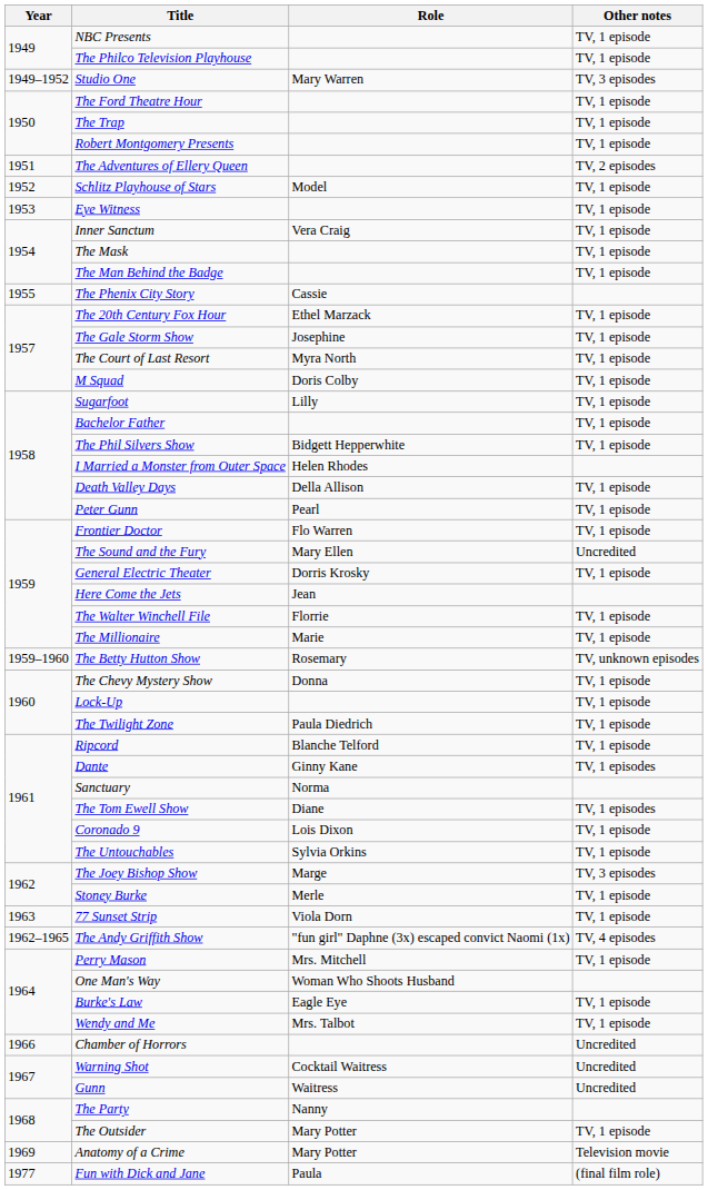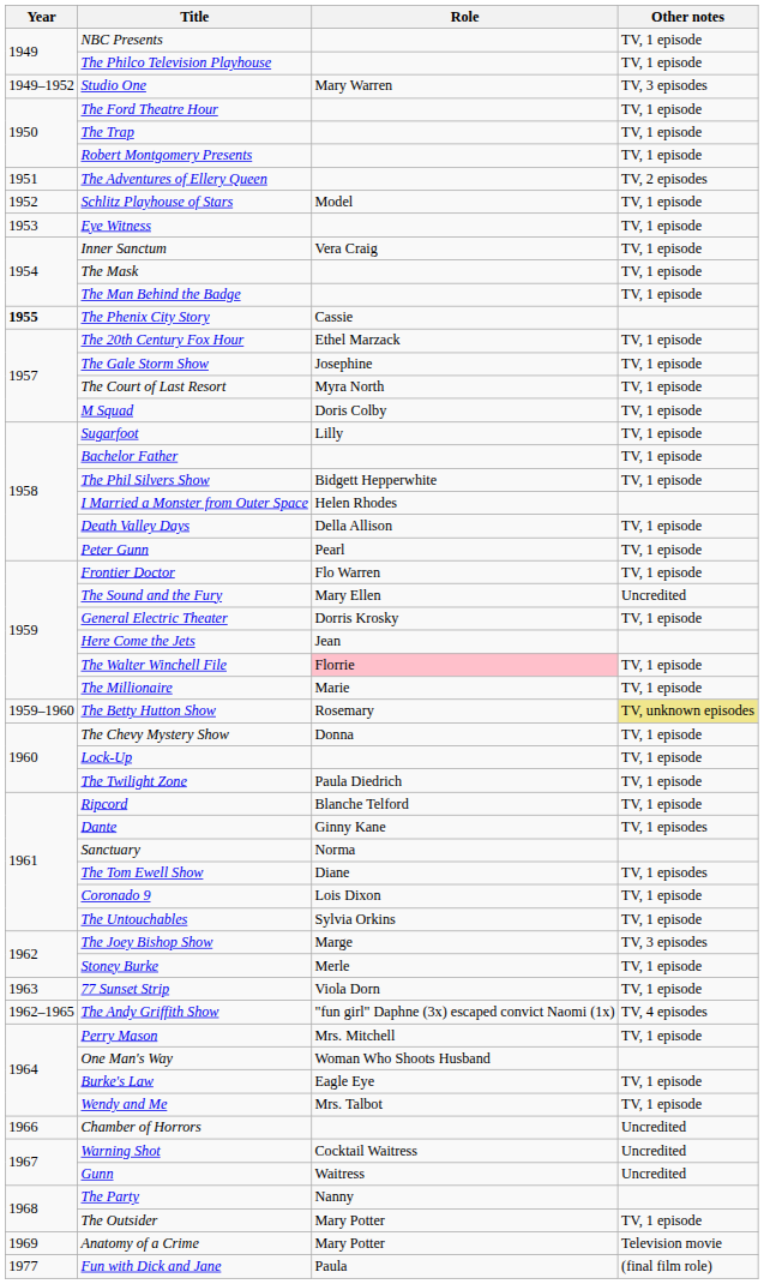 <table class="wikitable">
 <tr>
 <th>Year</th>
 <th>Title</th>
 <th>Role</th>
 <th>Other notes</th>
 </tr>
 <tr>
 <td rowspan=2>1949</td>
 <td><em>NBC Presents</em></td>
 <td></td>
 <td>TV, 1 episode</td>
 </tr>
 <tr>
 <td><em><a href='#'>The Philco Television Playhouse</a></em></td>
 <td></td>
 <td>TV, 1 episode</td>
 </tr>
 <tr>
 <td>1949–1952</td>
 <td><em><a href='#'>Studio One</a></em></td>
 <td>Mary Warren</td>
 <td>TV, 3 episodes</td>
 </tr>
 <tr>
 <td rowspan=3>1950</td>
 <td><em><a href='#'>The Ford Theatre Hour</a></em></td>
 <td></td>
 <td>TV, 1 episode</td>
 </tr>
 <tr>
 <td><em><a href='#'>The Trap</a></em></td>
 <td></td>
 <td>TV, 1 episode</td>
 </tr>
 <tr>
 <td><em><a href='#'>Robert Montgomery Presents</a></em></td>
 <td></td>
 <td>TV, 1 episode</td>
 </tr>
 <tr>
 <td>1951</td>
 <td><em><a href='#'>The Adventures of Ellery Queen</a></em></td>
 <td></td>
 <td>TV, 2 episodes</td>
 </tr>
 <tr>
 <td>1952</td>
 <td><em><a href='#'>Schlitz Playhouse of Stars</a></em></td>
 <td>Model</td>
 <td>TV, 1 episode</td>
 </tr>
 <tr>
 <td>1953</td>
 <td><em><a href='#'>Eye Witness</a></em></td>
 <td></td>
 <td>TV, 1 episode</td>
 </tr>
 <tr>
 <td rowspan=3>1954</td>
 <td><em>Inner Sanctum</em></td>
 <td>Vera Craig</td>
 <td>TV, 1 episode</td>
 </tr>
 <tr>
 <td><em>The Mask</em></td>
 <td></td>
 <td>TV, 1 episode</td>
 </tr>
 <tr>
 <td><em><a href='#'>The Man Behind the Badge</a></em></td>
 <td></td>
 <td>TV, 1 episode</td>
 </tr>
 <tr>
-<td>1955</td>
+<td><strong>1955</strong></td>
 <td><em><a href='#'>The Phenix City Story</a></em></td>
 <td>Cassie</td>
 <td></td>
 </tr>
 <tr>
 <td rowspan=4>1957</td>
 <td><em><a href='#'>The 20th Century Fox Hour</a></em></td>
 <td>Ethel Marzack</td>
 <td>TV, 1 episode</td>
 </tr>
 <tr>
 <td><em><a href='#'>The Gale Storm Show</a></em></td>
 <td>Josephine</td>
 <td>TV, 1 episode</td>
 </tr>
 <tr>
 <td><em>The Court of Last Resort</em></td>
 <td>Myra North</td>
 <td>TV, 1 episode</td>
 </tr>
 <tr>
 <td><em><a href='#'>M Squad</a></em></td>
 <td>Doris Colby</td>
 <td>TV, 1 episode</td>
 </tr>
 <tr>
 <td rowspan=6>1958</td>
 <td><em><a href='#'>Sugarfoot</a></em></td>
 <td>Lilly</td>
 <td>TV, 1 episode</td>
 </tr>
 <tr>
 <td><em><a href='#'>Bachelor Father</a></em></td>
 <td></td>
 <td>TV, 1 episode</td>
 </tr>
 <tr>
 <td><em><a href='#'>The Phil Silvers Show</a></em></td>
 <td>Bidgett Hepperwhite</td>
 <td>TV, 1 episode</td>
 </tr>
 <tr>
 <td><em><a href='#'>I Married a Monster from Outer Space</a></em></td>
 <td>Helen Rhodes</td>
 <td></td>
 </tr>
 <tr>
 <td><em><a href='#'>Death Valley Days</a></em></td>
 <td>Della Allison</td>
 <td>TV, 1 episode</td>
 </tr>
 <tr>
 <td><em><a href='#'>Peter Gunn</a></em></td>
 <td>Pearl</td>
 <td>TV, 1 episode</td>
 </tr>
 <tr>
 <td rowspan=6>1959</td>
 <td><em><a href='#'>Frontier Doctor</a></em></td>
 <td>Flo Warren</td>
 <td>TV, 1 episode</td>
 </tr>
 <tr>
 <td><em><a href='#'>The Sound and the Fury</a></em></td>
 <td>Mary Ellen</td>
 <td>Uncredited</td>
 </tr>
 <tr>
 <td><em><a href='#'>General Electric Theater</a></em></td>
 <td>Dorris Krosky</td>
 <td>TV, 1 episode</td>
 </tr>
 <tr>
 <td><em><a href='#'>Here Come the Jets</a></em></td>
 <td>Jean</td>
 <td></td>
 </tr>
 <tr>
 <td><em><a href='#'>The Walter Winchell File</a></em></td>
-<td>Florrie</td>
+<td style="background: pink;">Florrie</td>
 <td>TV, 1 episode</td>
 </tr>
 <tr>
 <td><em><a href='#'>The Millionaire</a></em></td>
 <td>Marie</td>
 <td>TV, 1 episode</td>
 </tr>
 <tr>
 <td>1959–1960</td>
 <td><em><a href='#'>The Betty Hutton Show</a></em></td>
 <td>Rosemary</td>
-<td>TV, unknown episodes</td>
+<td style="background: khaki;">TV, unknown episodes</td>
 </tr>
 <tr>
 <td rowspan=3>1960</td>
 <td><em>The Chevy Mystery Show</em></td>
 <td>Donna</td>
 <td>TV, 1 episode</td>
 </tr>
 <tr>
 <td><em><a href='#'>Lock-Up</a></em></td>
 <td></td>
 <td>TV, 1 episode</td>
 </tr>
 <tr>
 <td><em><a href='#'>The Twilight Zone</a></em></td>
 <td>Paula Diedrich</td>
 <td>TV, 1 episode</td>
 </tr>
 <tr>
 <td rowspan=6>1961</td>
 <td><em><a href='#'>Ripcord</a></em></td>
 <td>Blanche Telford</td>
 <td>TV, 1 episode</td>
 </tr>
 <tr>
 <td><em><a href='#'>Dante</a></em></td>
 <td>Ginny Kane</td>
 <td>TV, 1 episodes</td>
 </tr>
 <tr>
 <td><em>Sanctuary</em></td>
 <td>Norma</td>
 <td></td>
 </tr>
 <tr>
 <td><em><a href='#'>The Tom Ewell Show</a></em></td>
 <td>Diane</td>
 <td>TV, 1 episodes</td>
 </tr>
 <tr>
 <td><em><a href='#'>Coronado 9</a></em></td>
 <td>Lois Dixon</td>
 <td>TV, 1 episode</td>
 </tr>
 <tr>
 <td><em><a href='#'>The Untouchables</a></em></td>
 <td>Sylvia Orkins</td>
 <td>TV, 1 episode</td>
 </tr>
 <tr>
 <td rowspan=2>1962</td>
 <td><em><a href='#'>The Joey Bishop Show</a></em></td>
 <td>Marge</td>
 <td>TV, 3 episodes</td>
 </tr>
 <tr>
 <td><em><a href='#'>Stoney Burke</a></em></td>
 <td>Merle</td>
 <td>TV, 1 episode</td>
 </tr>
 <tr>
 <td>1963</td>
 <td><em><a href='#'>77 Sunset Strip</a></em></td>
 <td>Viola Dorn</td>
 <td>TV, 1 episode</td>
 </tr>
 <tr>
 <td>1962–1965</td>
 <td><em><a href='#'>The Andy Griffith Show</a></em></td>
 <td>"fun girl" Daphne (3x) escaped convict Naomi (1x)</td>
 <td>TV, 4 episodes</td>
 </tr>
 <tr>
 <td rowspan=4>1964</td>
 <td><em><a href='#'>Perry Mason</a></em></td>
 <td>Mrs. Mitchell</td>
 <td>TV, 1 episode</td>
 </tr>
 <tr>
 <td><em>One Man's Way</em></td>
 <td>Woman Who Shoots Husband</td>
 <td></td>
 </tr>
 <tr>
 <td><em><a href='#'>Burke's Law</a></em></td>
 <td>Eagle Eye</td>
 <td>TV, 1 episode</td>
 </tr>
 <tr>
 <td><em><a href='#'>Wendy and Me</a></em></td>
 <td>Mrs. Talbot</td>
 <td>TV, 1 episode</td>
 </tr>
 <tr>
 <td>1966</td>
 <td><em>Chamber of Horrors </em></td>
 <td></td>
 <td>Uncredited</td>
 </tr>
 <tr>
 <td rowspan=2>1967</td>
 <td><em><a href='#'>Warning Shot</a></em></td>
 <td>Cocktail Waitress</td>
 <td>Uncredited</td>
 </tr>
 <tr>
 <td><em><a href='#'>Gunn</a></em></td>
 <td>Waitress</td>
 <td>Uncredited</td>
 </tr>
 <tr>
 <td rowspan=2>1968</td>
 <td><em><a href='#'>The Party</a></em></td>
 <td>Nanny</td>
 <td></td>
 </tr>
 <tr>
 <td><em>The Outsider</em></td>
 <td>Mary Potter</td>
 <td>TV, 1 episode</td>
 </tr>
 <tr>
 <td>1969</td>
 <td><em>Anatomy of a Crime</em></td>
 <td>Mary Potter</td>
 <td>Television movie</td>
 </tr>
 <tr>
 <td>1977</td>
 <td><em><a href='#'>Fun with Dick and Jane</a></em></td>
 <td>Paula</td>
 <td>(final film role)</td>
 </tr>
 </table>
